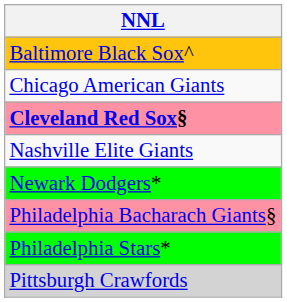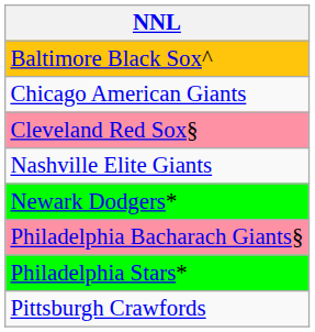 <table class="wikitable" style="font-size:100%;line-height:1.1;">
 <tr>
 <th><a href='#'>NNL</a></th>
 </tr>
 <tr>
 <td style="background-color: #FFC40C;"><a href='#'>Baltimore Black Sox</a>^</td>
 </tr>
 <tr>
 <td><a href='#'>Chicago American Giants</a></td>
 </tr>
 <tr>
-<td style="background-color: #FF91A4;"><strong><a href='#'>Cleveland Red Sox</a>§</strong></td>
+<td style="background-color: #FF91A4;"><a href='#'>Cleveland Red Sox</a>§</td>
 </tr>
 <tr>
 <td><a href='#'>Nashville Elite Giants</a></td>
 </tr>
 <tr>
 <td style="background-color: #00FF00;"><a href='#'>Newark Dodgers</a>*</td>
 </tr>
 <tr>
 <td style="background-color: #FF91A4;"><a href='#'>Philadelphia Bacharach Giants</a>§</td>
 </tr>
 <tr>
 <td style="background-color: #00FF00;"><a href='#'>Philadelphia Stars</a>*</td>
 </tr>
 <tr>
-<td style="background: lightgrey;"><a href='#'>Pittsburgh Crawfords</a></td>
+<td><a href='#'>Pittsburgh Crawfords</a></td>
 </tr>
 </table>
